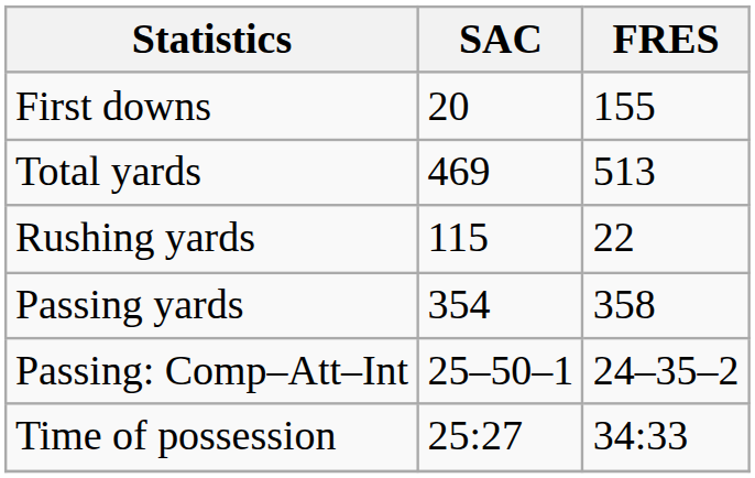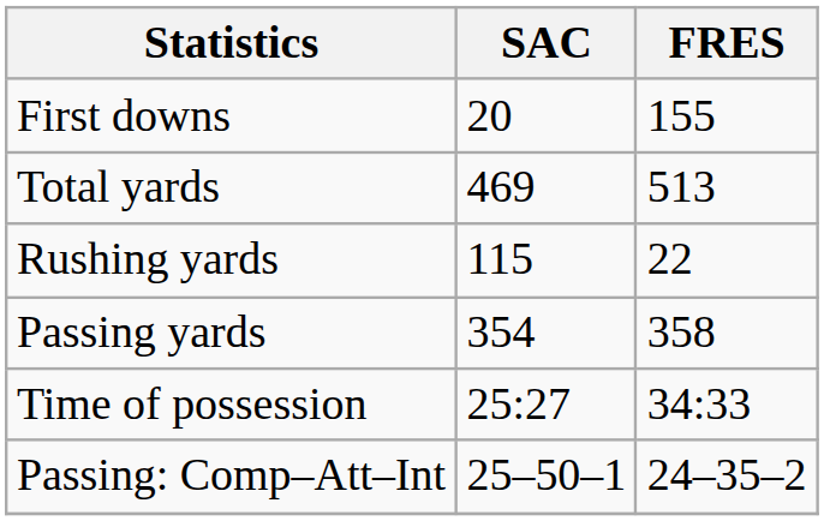 <table class="wikitable" style="float: left;">
 <tr>
 <th>Statistics</th>
 <th>SAC</th>
 <th>FRES</th>
 </tr>
 <tr>
 <td>First downs</td>
 <td>20</td>
 <td>155</td>
 </tr>
 <tr>
 <td>Total yards</td>
 <td>469</td>
 <td>513</td>
 </tr>
 <tr>
 <td>Rushing yards</td>
 <td>115</td>
 <td>22</td>
 </tr>
 <tr>
 <td>Passing yards</td>
 <td>354</td>
 <td>358</td>
 </tr>
 <tr>
+<td>Time of possession</td>
+<td>25:27</td>
+<td>34:33</td>
+</tr>
+<tr>
 <td>Passing: Comp–Att–Int</td>
 <td>25–50–1</td>
 <td>24–35–2</td>
 </tr>
 <tr>
-<td>Time of possession</td>
-<td>25:27</td>
-<td>34:33</td>
-</tr>
-<tr>
 </tr>
 </table>
